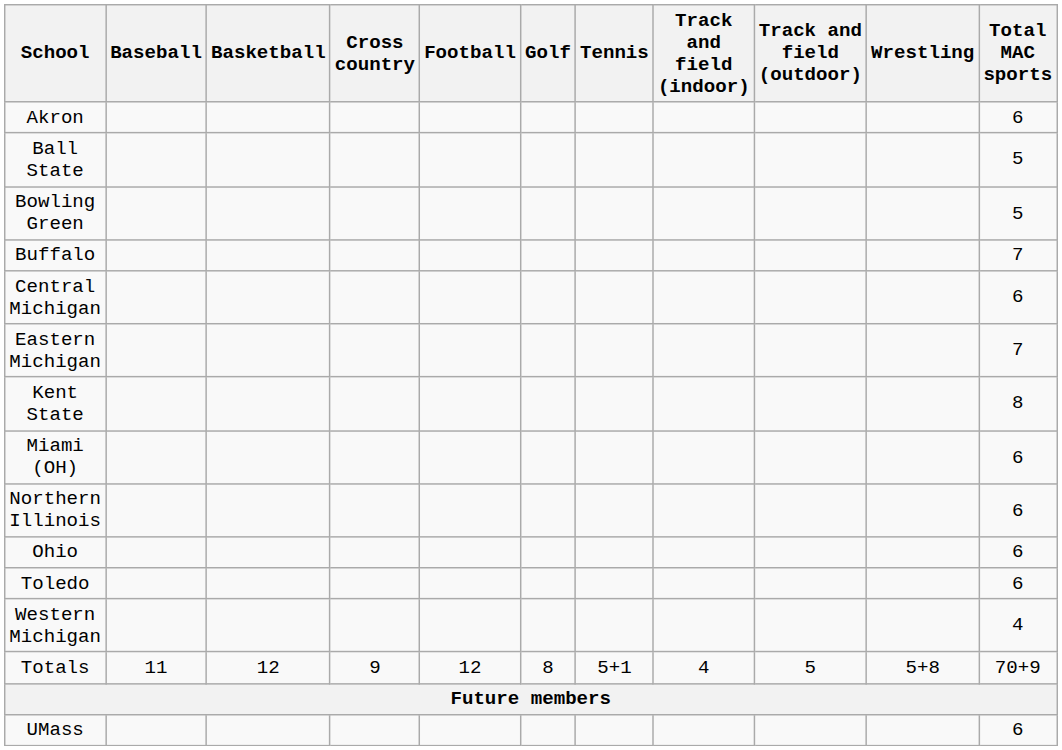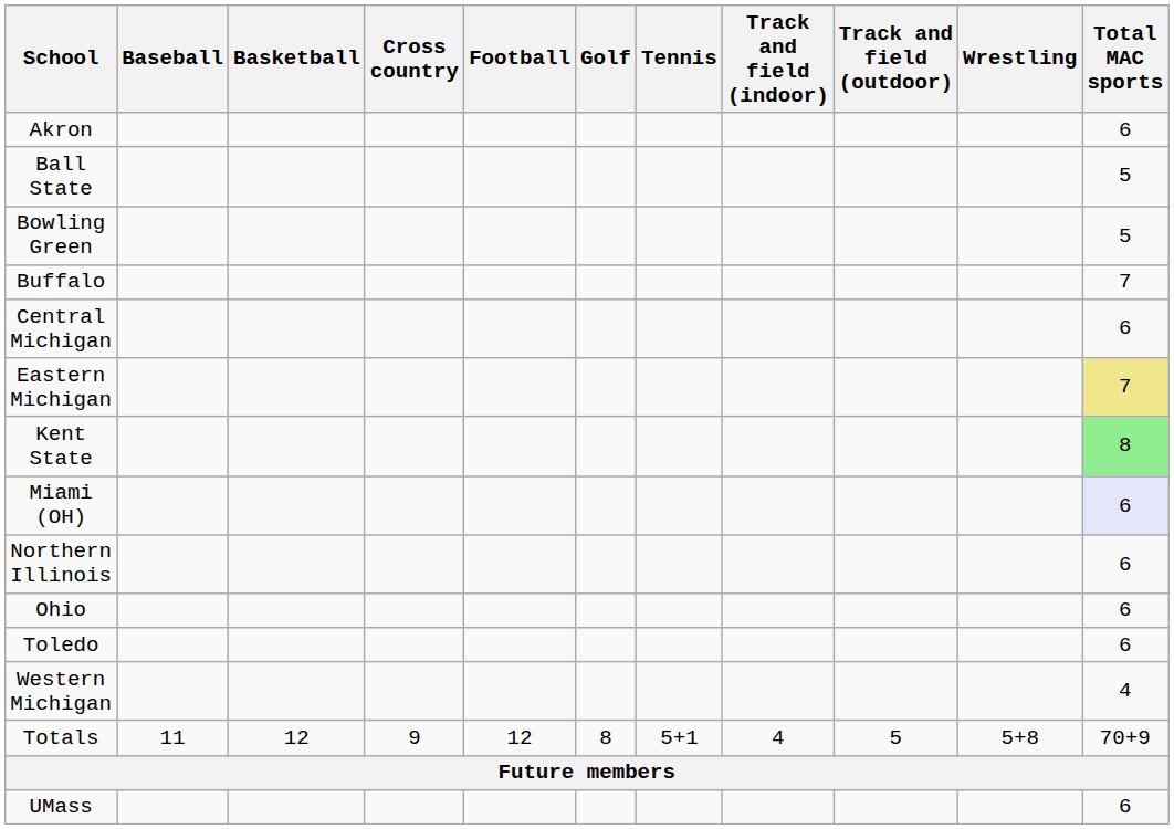 <table class="wikitable" style="text-align:center; width:80%;">
 <tr>
 <th>School</th>
 <th>Baseball</th>
 <th>Basketball</th>
 <th>Cross country</th>
 <th>Football</th>
 <th>Golf</th>
 <th>Tennis</th>
 <th>Track and field<br>(indoor)</th>
 <th>Track and field<br>(outdoor)</th>
 <th>Wrestling</th>
 <th>Total MAC sports</th>
 </tr>
 <tr>
 <td>Akron</td>
 <td></td>
 <td></td>
 <td></td>
 <td></td>
 <td></td>
 <td></td>
 <td></td>
 <td></td>
 <td></td>
 <td>6</td>
 </tr>
 <tr>
 <td>Ball State</td>
 <td></td>
 <td></td>
 <td></td>
 <td></td>
 <td></td>
 <td></td>
 <td></td>
 <td></td>
 <td></td>
 <td>5</td>
 </tr>
 <tr>
 <td>Bowling Green</td>
 <td></td>
 <td></td>
 <td></td>
 <td></td>
 <td></td>
 <td></td>
 <td></td>
 <td></td>
 <td></td>
 <td>5</td>
 </tr>
 <tr>
 <td>Buffalo</td>
 <td></td>
 <td></td>
 <td></td>
 <td></td>
 <td></td>
 <td></td>
 <td></td>
 <td></td>
 <td></td>
 <td>7</td>
 </tr>
 <tr>
 <td>Central Michigan</td>
 <td></td>
 <td></td>
 <td></td>
 <td></td>
 <td></td>
 <td></td>
 <td></td>
 <td></td>
 <td></td>
 <td>6</td>
 </tr>
 <tr>
 <td>Eastern Michigan</td>
 <td></td>
 <td></td>
 <td></td>
 <td></td>
 <td></td>
 <td></td>
 <td></td>
 <td></td>
 <td></td>
-<td>7</td>
+<td style="background: khaki;">7</td>
 </tr>
 <tr>
 <td>Kent State</td>
 <td></td>
 <td></td>
 <td></td>
 <td></td>
 <td></td>
 <td></td>
 <td></td>
 <td></td>
 <td></td>
-<td>8</td>
+<td style="background: lightgreen;">8</td>
 </tr>
 <tr>
 <td>Miami (OH)</td>
 <td></td>
 <td></td>
 <td></td>
 <td></td>
 <td></td>
 <td></td>
 <td></td>
 <td></td>
 <td></td>
-<td>6</td>
+<td style="background: lavender;">6</td>
 </tr>
 <tr>
 <td>Northern Illinois</td>
 <td></td>
 <td></td>
 <td></td>
 <td></td>
 <td></td>
 <td></td>
 <td></td>
 <td></td>
 <td></td>
 <td>6</td>
 </tr>
 <tr>
 <td>Ohio</td>
 <td></td>
 <td></td>
 <td></td>
 <td></td>
 <td></td>
 <td></td>
 <td></td>
 <td></td>
 <td></td>
 <td>6</td>
 </tr>
 <tr>
 <td>Toledo</td>
 <td></td>
 <td></td>
 <td></td>
 <td></td>
 <td></td>
 <td></td>
 <td></td>
 <td></td>
 <td></td>
 <td>6</td>
 </tr>
 <tr>
 <td>Western Michigan</td>
 <td></td>
 <td></td>
 <td></td>
 <td></td>
 <td></td>
 <td></td>
 <td></td>
 <td></td>
 <td></td>
 <td>4</td>
 </tr>
 <tr>
 <td>Totals</td>
 <td>11</td>
 <td>12</td>
 <td>9</td>
 <td>12</td>
 <td>8</td>
 <td>5+1</td>
 <td>4</td>
 <td>5</td>
 <td>5+8</td>
 <td>70+9</td>
 </tr>
 <tr>
 <th colspan=12>Future members</th>
 </tr>
 <tr>
 <td>UMass</td>
 <td></td>
 <td></td>
 <td></td>
 <td></td>
 <td></td>
 <td></td>
 <td></td>
 <td></td>
 <td></td>
 <td>6</td>
 </tr>
 </table>
